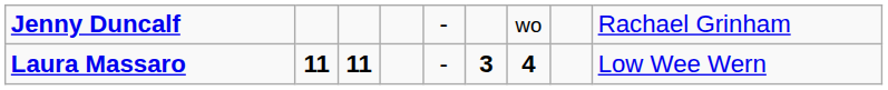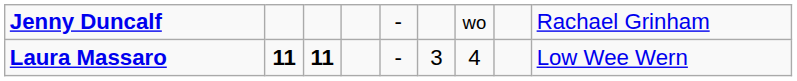 <table class="wikitable">
 <tr>
 <td width=180> <strong><a href='#'>Jenny Duncalf</a></strong></td>
 <td style="width:20px; text-align:center;"></td>
 <td style="width:20px; text-align:center;"></td>
 <td style="width:20px; text-align:center;"></td>
 <td style="width:20px; text-align:center;">-</td>
 <td style="width:20px; text-align:center;"></td>
 <td style="width:20px; text-align:center;"><small>wo</small></td>
 <td style="width:20px; text-align:center;"></td>
 <td width=180> <a href='#'>Rachael Grinham</a></td>
 </tr>
 <tr>
 <td> <strong><a href='#'>Laura Massaro</a></strong></td>
 <td style="text-align:center;"><strong>11</strong></td>
 <td style="text-align:center;"><strong>11</strong></td>
 <td style="text-align:center;"></td>
 <td style="text-align:center;">-</td>
-<td style="text-align:center;"><strong>3</strong></td>
-<td style="text-align:center;"><strong>4</strong></td>
+<td style="text-align:center;">3</td>
+<td style="text-align:center;">4</td>
 <td style="text-align:center;"></td>
 <td> <a href='#'>Low Wee Wern</a></td>
 </tr>
 </table>
